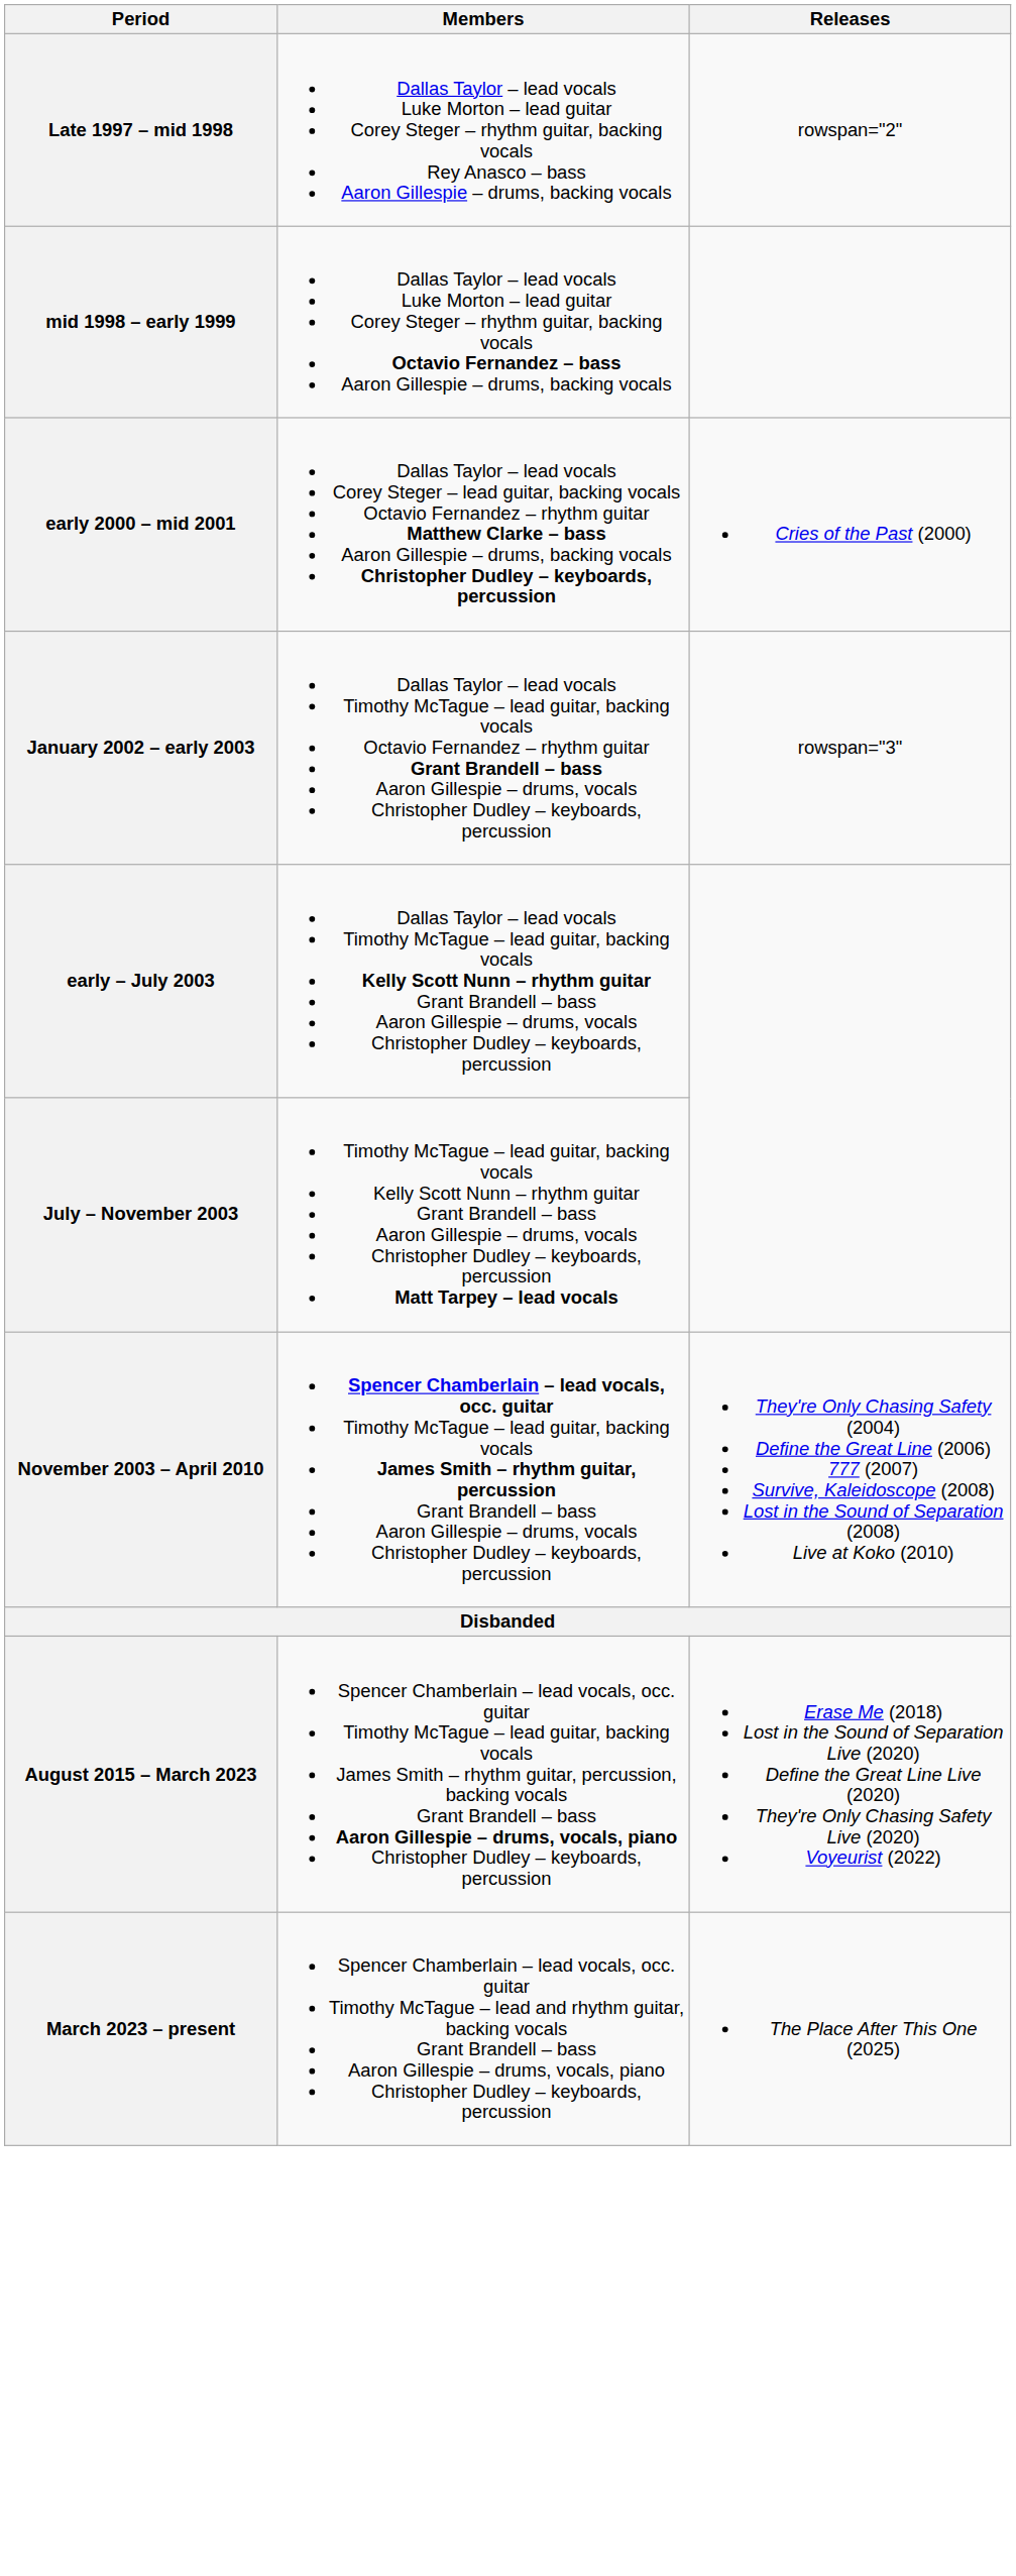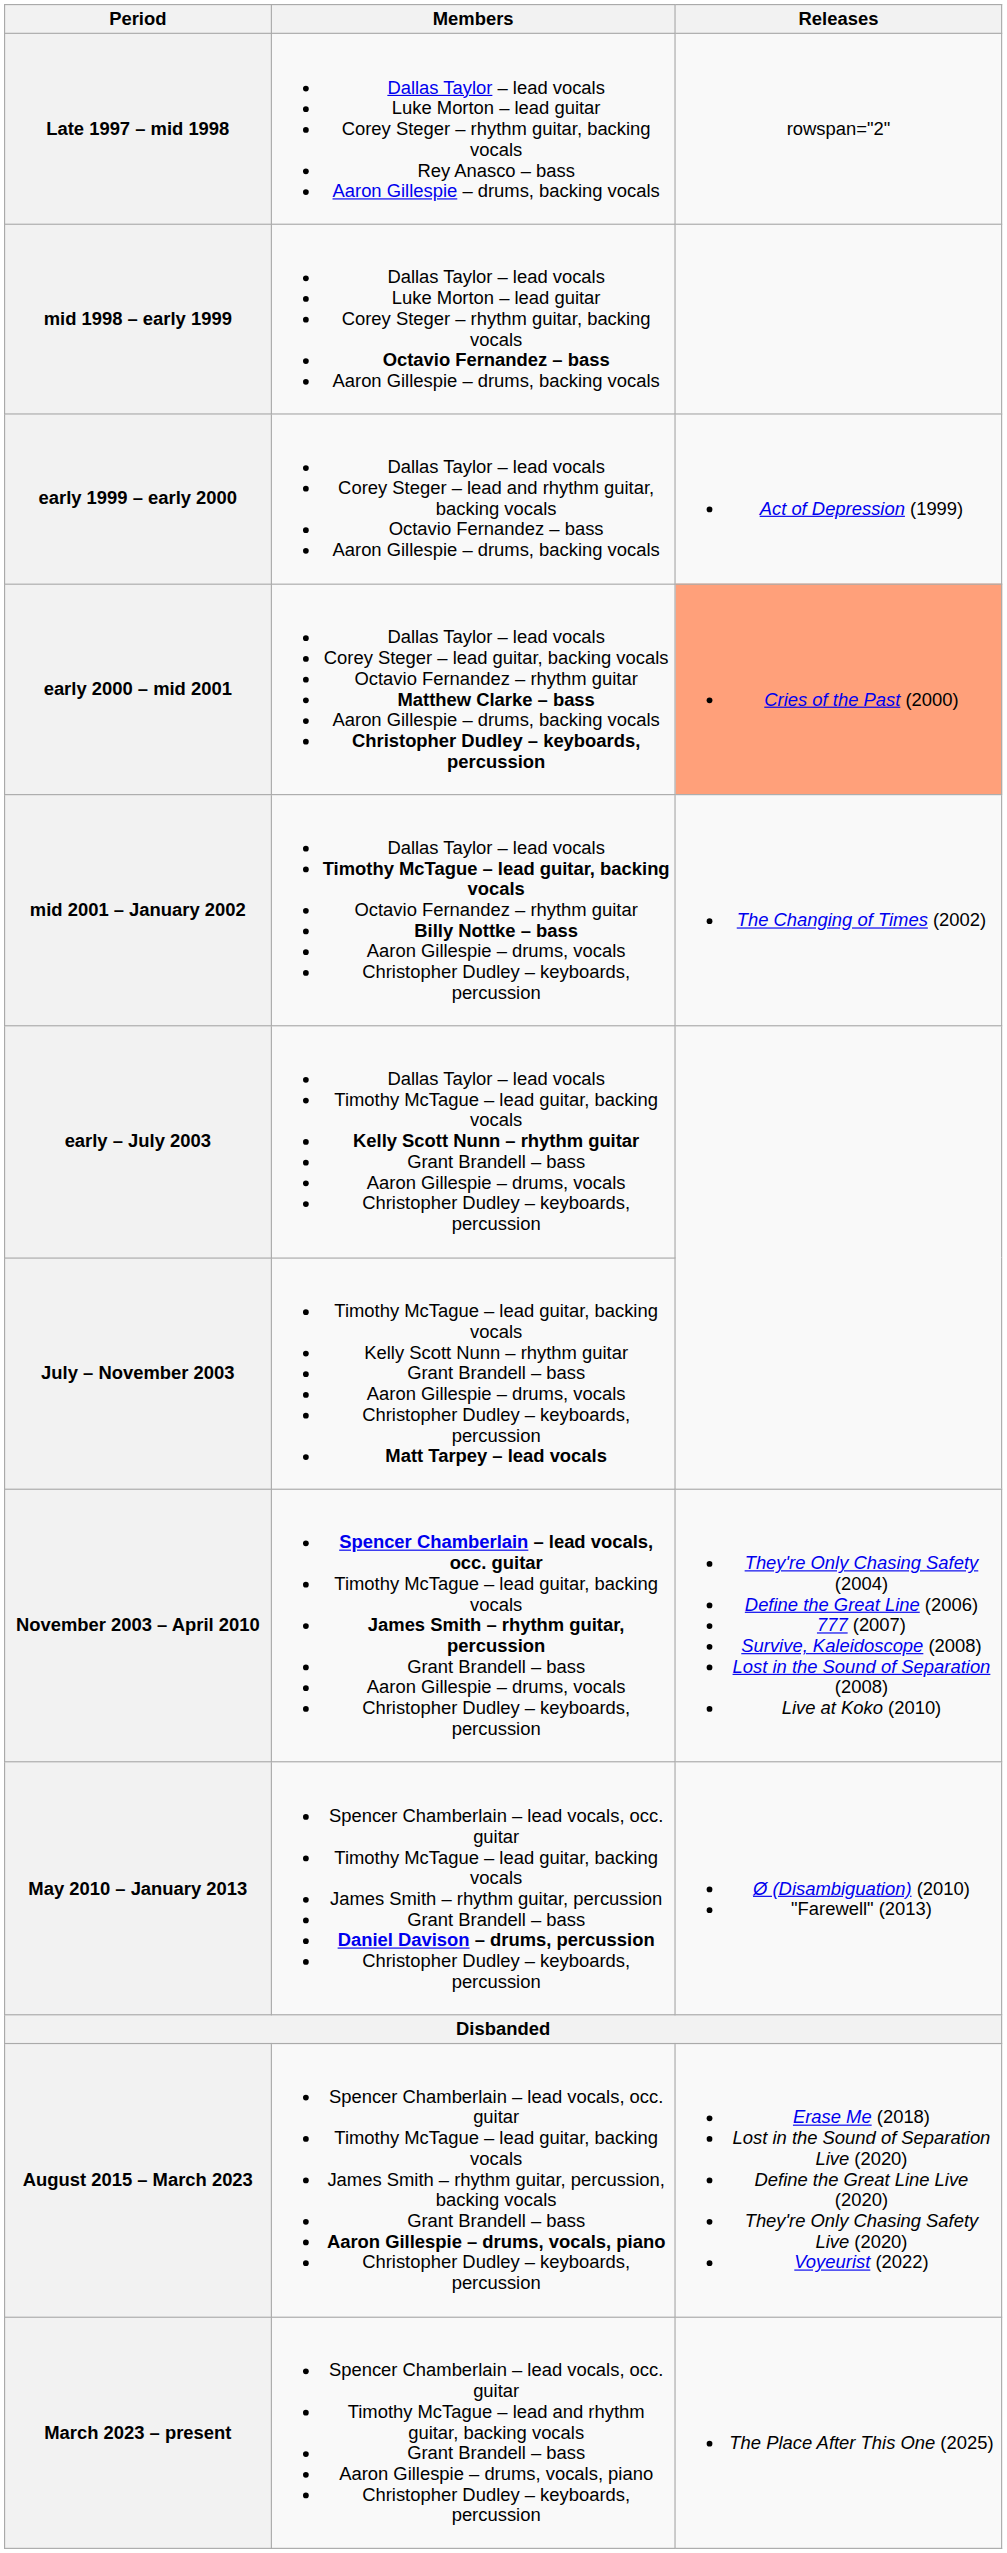 <table class="wikitable plainrowheaders" style="text-align:center;">
 <tr>
 <th scope="col" style="width:20em;">Period</th>
 <th scope="col" style="width:30em;">Members</th>
 <th scope="col" style="width:22em;">Releases</th>
 </tr>
 <tr>
 <th>Late 1997 – mid 1998</th>
 <td><br><ul><li><a href='#'>Dallas Taylor</a> – lead vocals</li><li>Luke Morton –  lead guitar</li><li>Corey Steger – rhythm guitar, backing vocals</li><li>Rey Anasco –  bass</li><li><a href='#'>Aaron Gillespie</a> – drums, backing vocals</li></ul></td>
 <td>rowspan="2" </td>
 </tr>
 <tr>
 <th>mid 1998 – early 1999</th>
 <td><br><ul><li>Dallas Taylor – lead vocals</li><li>Luke Morton –  lead guitar</li><li>Corey Steger – rhythm guitar, backing vocals</li><li><strong>Octavio Fernandez – bass</strong></li><li>Aaron Gillespie – drums, backing vocals</li></ul></td>
 </tr>
 <tr>
+<th>early 1999 – early 2000</th>
+<td><br><ul><li>Dallas Taylor – lead vocals</li><li>Corey Steger – lead and rhythm guitar, backing vocals</li><li>Octavio Fernandez – bass</li><li>Aaron Gillespie – drums, backing vocals</li></ul></td>
+<td><br><ul><li><em><a href='#'>Act of Depression</a></em> (1999)</li></ul></td>
+</tr>
+<tr>
 <th>early 2000 – mid 2001</th>
 <td><br><ul><li>Dallas Taylor – lead vocals</li><li>Corey Steger – lead guitar, backing vocals</li><li>Octavio Fernandez – rhythm guitar</li><li><strong>Matthew Clarke – bass</strong></li><li>Aaron Gillespie – drums, backing vocals</li><li><strong>Christopher Dudley – keyboards, percussion</strong></li></ul></td>
-<td><br><ul><li><em><a href='#'>Cries of the Past</a></em> (2000)</li></ul></td>
+<td style="background: lightsalmon;"><br><ul><li><em><a href='#'>Cries of the Past</a></em> (2000)</li></ul></td>
 </tr>
 <tr>
-<th>January 2002 – early 2003</th>
-<td><br><ul><li>Dallas Taylor – lead vocals</li><li>Timothy McTague – lead guitar, backing vocals</li><li>Octavio Fernandez – rhythm guitar</li><li><strong>Grant Brandell – bass</strong></li><li>Aaron Gillespie – drums, vocals</li><li>Christopher Dudley – keyboards, percussion</li></ul></td>
-<td>rowspan="3" </td>
+<th>mid 2001 – January 2002</th>
+<td><br><ul><li>Dallas Taylor – lead vocals</li><li><strong>Timothy McTague – lead guitar, backing vocals</strong></li><li>Octavio Fernandez – rhythm guitar</li><li><strong>Billy Nottke – bass</strong></li><li>Aaron Gillespie – drums, vocals</li><li>Christopher Dudley – keyboards, percussion</li></ul></td>
+<td><br><ul><li><em><a href='#'>The Changing of Times</a></em> (2002)</li></ul></td>
 </tr>
 <tr>
 <th>early – July 2003</th>
 <td><br><ul><li>Dallas Taylor – lead vocals</li><li>Timothy McTague – lead guitar, backing vocals</li><li><strong>Kelly Scott Nunn – rhythm guitar</strong></li><li>Grant Brandell – bass</li><li>Aaron Gillespie – drums, vocals</li><li>Christopher Dudley – keyboards, percussion</li></ul></td>
 </tr>
 <tr>
 <th>July – November 2003</th>
 <td><br><ul><li>Timothy McTague – lead guitar, backing vocals</li><li>Kelly Scott Nunn – rhythm guitar</li><li>Grant Brandell – bass</li><li>Aaron Gillespie – drums, vocals</li><li>Christopher Dudley – keyboards, percussion</li><li><strong>Matt Tarpey – lead vocals </strong></li></ul></td>
 </tr>
 <tr>
 <th>November 2003 – April 2010</th>
 <td><br><ul><li><strong><a href='#'>Spencer Chamberlain</a> – lead vocals, occ. guitar</strong></li><li>Timothy McTague – lead guitar, backing vocals</li><li><strong>James Smith – rhythm guitar, percussion</strong></li><li>Grant Brandell – bass</li><li>Aaron Gillespie – drums, vocals</li><li>Christopher Dudley – keyboards, percussion</li></ul></td>
 <td><br><ul><li><em><a href='#'>They're Only Chasing Safety</a></em> (2004)</li><li><em><a href='#'>Define the Great Line</a></em> (2006)</li><li><em><a href='#'>777</a></em> (2007)</li><li><em><a href='#'>Survive, Kaleidoscope</a></em> (2008)</li><li><em><a href='#'>Lost in the Sound of Separation</a></em> (2008)</li><li><em>Live at Koko</em> (2010)</li></ul></td>
 </tr>
 <tr>
+<th>May 2010 – January 2013</th>
+<td><br><ul><li>Spencer Chamberlain – lead vocals, occ. guitar</li><li>Timothy McTague – lead guitar, backing vocals</li><li>James Smith – rhythm guitar, percussion</li><li>Grant Brandell – bass</li><li><strong><a href='#'>Daniel Davison</a> – drums, percussion</strong></li><li>Christopher Dudley – keyboards, percussion</li></ul></td>
+<td><br><ul><li><em><a href='#'>Ø (Disambiguation)</a></em> (2010)</li><li>"Farewell" (2013)</li></ul></td>
+</tr>
+<tr>
 <th colspan="3">Disbanded</th>
 </tr>
 <tr>
 <th>August 2015 – March 2023</th>
 <td><br><ul><li>Spencer Chamberlain – lead vocals, occ. guitar</li><li>Timothy McTague – lead guitar, backing vocals</li><li>James Smith – rhythm guitar, percussion, backing vocals</li><li>Grant Brandell – bass</li><li><strong>Aaron Gillespie – drums, vocals, piano</strong></li><li>Christopher Dudley – keyboards, percussion</li></ul></td>
 <td><br><ul><li><em><a href='#'>Erase Me</a></em> (2018)</li><li><em>Lost in the Sound of Separation Live</em> (2020)</li><li><em>Define the Great Line Live</em> (2020)</li><li><em>They're Only Chasing Safety Live</em> (2020)</li><li><em><a href='#'>Voyeurist</a></em> (2022)</li></ul></td>
 </tr>
 <tr>
 <th>March 2023 – present</th>
 <td><br><ul><li>Spencer Chamberlain – lead vocals, occ. guitar</li><li>Timothy McTague – lead and rhythm guitar, backing vocals</li><li>Grant Brandell – bass</li><li>Aaron Gillespie – drums, vocals, piano</li><li>Christopher Dudley – keyboards, percussion</li></ul></td>
 <td><br><ul><li><em>The Place After This One</em> (2025)</li></ul></td>
 </tr>
 </table>
